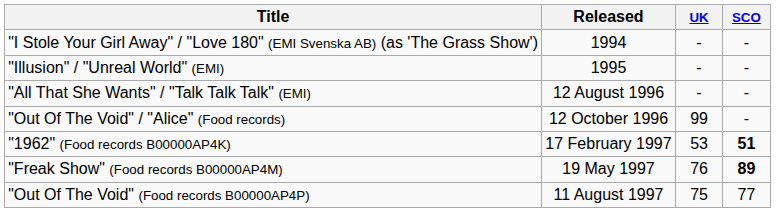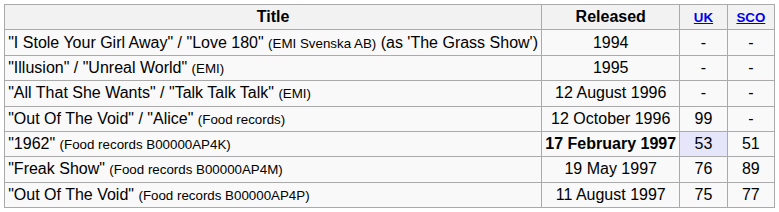 <table class="wikitable">
 <tr>
 <th align="center">Title</th>
 <th align="center">Released</th>
 <th align="center" width="40"><small><a href='#'>UK</a></small><br></th>
 <th align="center" valign="top" width="40"><small><a href='#'>SCO</a></small><br></th>
 </tr>
 <tr>
 <td>"I Stole Your Girl Away" / "Love 180" <small>(EMI Svenska AB)</small> (as 'The Grass Show')</td>
 <td align="center">1994</td>
 <td align="center">-</td>
 <td align="center">-</td>
 </tr>
 <tr>
 <td>"Illusion" / "Unreal World" <small>(EMI)</small></td>
 <td align="center">1995</td>
 <td align="center">-</td>
 <td align="center">-</td>
 </tr>
 <tr>
 <td>"All That She Wants" / "Talk Talk Talk" <small>(EMI)</small></td>
 <td align="center">12 August 1996</td>
 <td align="center">-</td>
 <td align="center">-</td>
 </tr>
 <tr>
 <td>"Out Of The Void" / "Alice" <small>(Food records)</small></td>
 <td align="center">12 October 1996</td>
 <td align="center">99</td>
 <td align="center">-</td>
 </tr>
 <tr>
 <td>"1962" <small>(Food records B00000AP4K)</small></td>
-<td align="center">17 February 1997</td>
-<td align="center">53</td>
-<td align="center"><strong>51</strong></td>
+<td align="center"><strong>17 February 1997</strong></td>
+<td align="center" style="background: lavender;">53</td>
+<td align="center">51</td>
 </tr>
 <tr>
 <td>"Freak Show" <small>(Food records B00000AP4M)</small></td>
 <td align="center">19 May 1997</td>
 <td align="center">76</td>
-<td align="center"><strong>89</strong></td>
+<td align="center">89</td>
 </tr>
 <tr>
 <td>"Out Of The Void" <small>(Food records B00000AP4P)</small></td>
 <td align="center">11 August 1997</td>
 <td align="center">75</td>
 <td align="center">77</td>
 </tr>
 <tr>
 </tr>
 </table>
